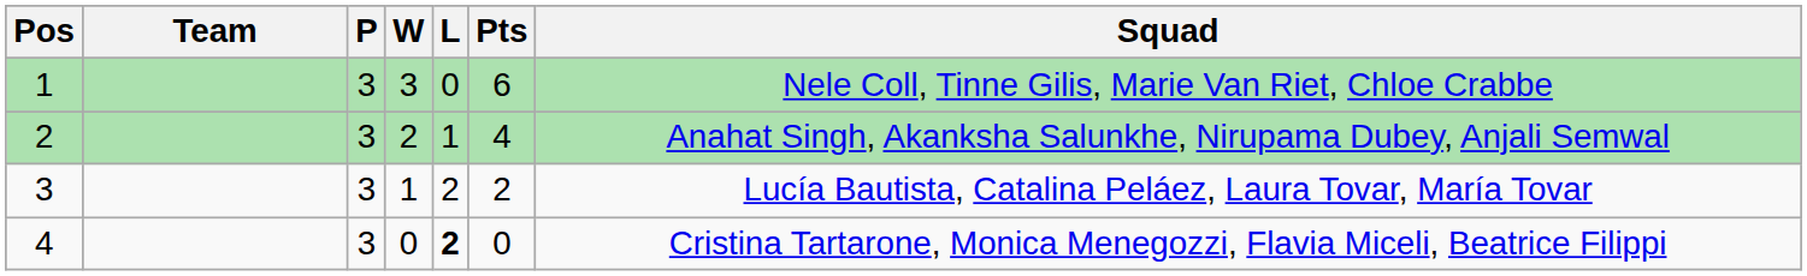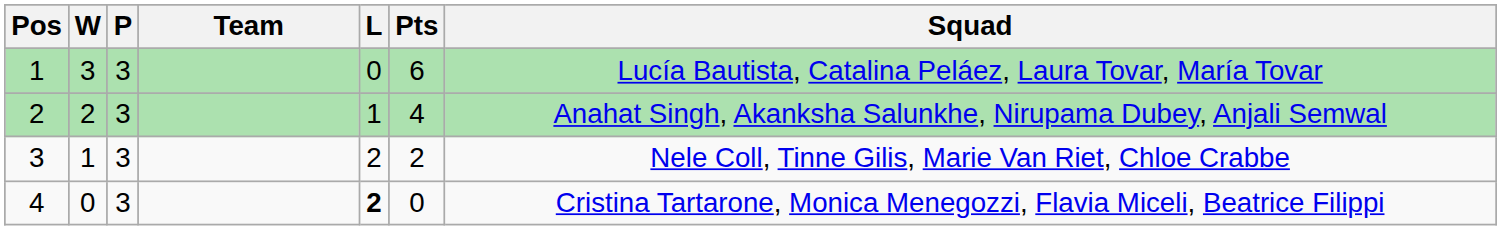 <table class="wikitable" style="font-size: 100%">
 <tr>
 <th width=20>Pos</th>
+<th width=10>W</th>
+<th width=10>P</th>
 <th width=120>Team</th>
-<th width=10>P</th>
-<th width=10>W</th>
 <th width=10>L</th>
 <th width=20>Pts</th>
 <th width=600>Squad</th>
 </tr>
 <tr align=center style="background:#ACE1AF;">
 <td>1</td>
-<td align="left"></td>
 <td>3</td>
 <td>3</td>
+<td align="left"></td>
 <td>0</td>
 <td>6</td>
-<td><a href='#'>Nele Coll</a>, <a href='#'>Tinne Gilis</a>, <a href='#'>Marie Van Riet</a>, <a href='#'>Chloe Crabbe</a></td>
+<td><a href='#'>Lucía Bautista</a>, <a href='#'>Catalina Peláez</a>, <a href='#'>Laura Tovar</a>, <a href='#'>María Tovar</a></td>
 </tr>
 <tr align=center style="background:#ACE1AF;">
 <td>2</td>
+<td>2</td>
+<td>3</td>
 <td align="left"></td>
-<td>3</td>
-<td>2</td>
 <td>1</td>
 <td>4</td>
 <td><a href='#'>Anahat Singh</a>, <a href='#'>Akanksha Salunkhe</a>, <a href='#'>Nirupama Dubey</a>, <a href='#'>Anjali Semwal</a></td>
 </tr>
 <tr align=center>
 <td>3</td>
+<td>1</td>
+<td>3</td>
 <td align="left"></td>
-<td>3</td>
-<td>1</td>
 <td>2</td>
 <td>2</td>
-<td><a href='#'>Lucía Bautista</a>, <a href='#'>Catalina Peláez</a>, <a href='#'>Laura Tovar</a>, <a href='#'>María Tovar</a></td>
+<td><a href='#'>Nele Coll</a>, <a href='#'>Tinne Gilis</a>, <a href='#'>Marie Van Riet</a>, <a href='#'>Chloe Crabbe</a></td>
 </tr>
 <tr align=center>
 <td>4</td>
+<td>0</td>
+<td>3</td>
 <td align="left"></td>
-<td>3</td>
-<td>0</td>
 <td><strong>2</strong></td>
 <td>0</td>
 <td><a href='#'>Cristina Tartarone</a>, <a href='#'>Monica Menegozzi</a>, <a href='#'>Flavia Miceli</a>, <a href='#'>Beatrice Filippi</a></td>
 </tr>
 </table>
